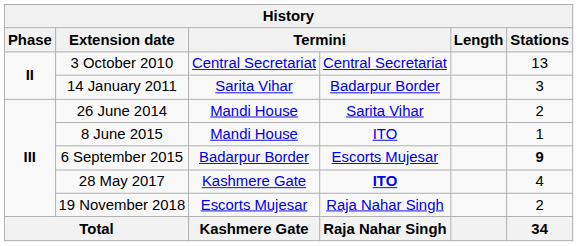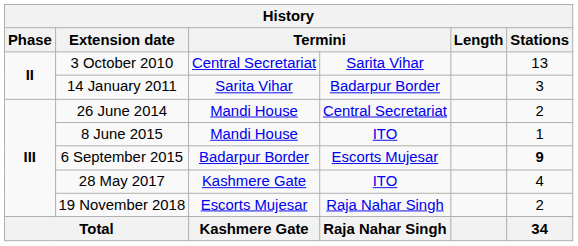 <table class="wikitable" style="text-align: center;">
 <tr>
 <th align="center" colspan="6" style="background:#"><span>History</span></th>
 </tr>
 <tr>
 <th>Phase</th>
 <th>Extension date</th>
 <th colspan="2">Termini</th>
 <th>Length</th>
 <th>Stations</th>
 </tr>
 <tr>
 <td rowspan="2"><strong>II</strong></td>
 <td>3 October 2010</td>
 <td><a href='#'>Central Secretariat</a></td>
-<td><a href='#'>Central Secretariat</a></td>
+<td><a href='#'>Sarita Vihar</a></td>
 <td></td>
 <td>13</td>
 </tr>
 <tr>
 <td>14 January 2011</td>
 <td><a href='#'>Sarita Vihar</a></td>
 <td><a href='#'>Badarpur Border</a></td>
 <td></td>
 <td>3</td>
 </tr>
 <tr>
 <td rowspan="5"><strong>III</strong></td>
 <td>26 June 2014</td>
 <td><a href='#'>Mandi House</a></td>
-<td><a href='#'>Sarita Vihar</a></td>
+<td><a href='#'>Central Secretariat</a></td>
 <td></td>
 <td>2</td>
 </tr>
 <tr>
 <td>8 June 2015</td>
 <td><a href='#'>Mandi House</a></td>
 <td><a href='#'>ITO</a></td>
 <td></td>
 <td>1</td>
 </tr>
 <tr>
 <td>6 September 2015</td>
 <td><a href='#'>Badarpur Border</a></td>
 <td><a href='#'>Escorts Mujesar</a></td>
 <td></td>
 <td><strong>9</strong></td>
 </tr>
 <tr>
 <td>28 May 2017</td>
 <td><a href='#'>Kashmere Gate</a></td>
-<td><strong><a href='#'>ITO</a></strong></td>
+<td><a href='#'>ITO</a></td>
 <td></td>
 <td>4</td>
 </tr>
 <tr>
 <td>19 November 2018</td>
 <td><a href='#'>Escorts Mujesar</a></td>
 <td><a href='#'>Raja Nahar Singh</a></td>
 <td></td>
 <td>2</td>
 </tr>
 <tr>
 <th colspan="2">Total</th>
 <th>Kashmere Gate</th>
 <th>Raja Nahar Singh</th>
 <th></th>
 <th>34</th>
 </tr>
 </table>
